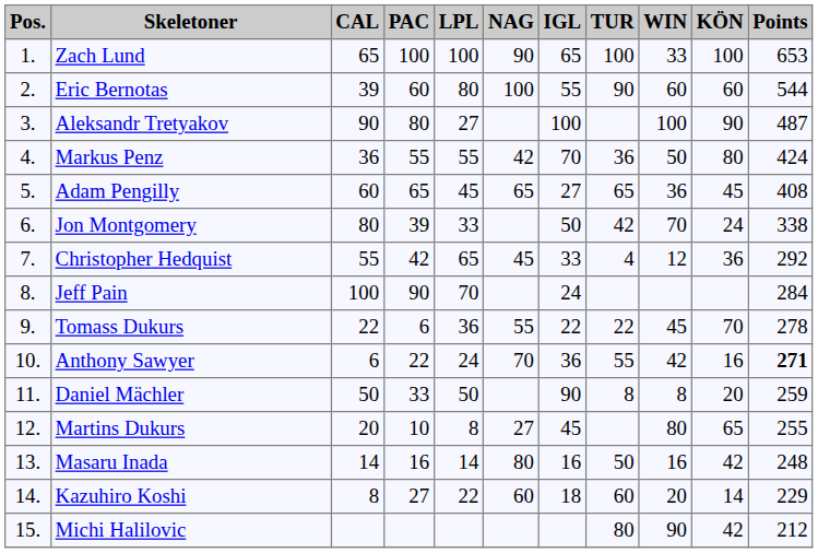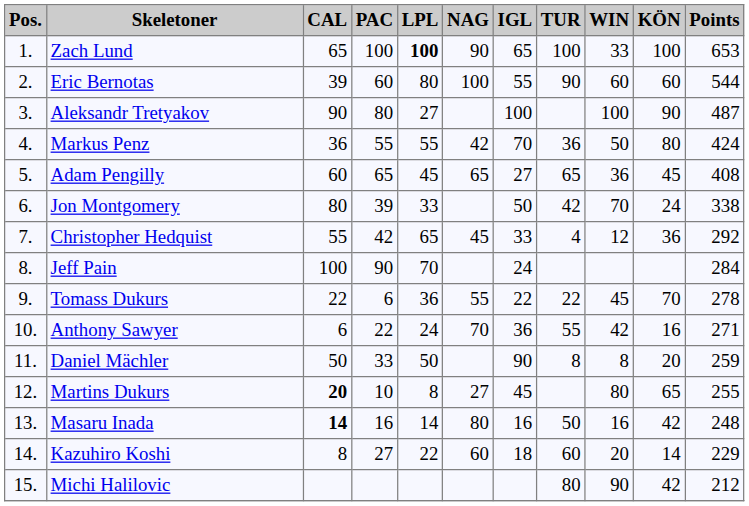 <table bgcolor="#f7f8ff" cellpadding="3" cellspacing="0" border="1" style="font-size: 95%; border: gray solid 1px; border-collapse: collapse;">
 <tr bgcolor="#CCCCCC">
 <td align="center" width="10"><strong>Pos.</strong></td>
 <td align="center" width="200"><strong>Skeletoner</strong></td>
 <td align="center" width="20"><strong>CAL</strong></td>
 <td align="center" width="20"><strong>PAC</strong></td>
 <td align="center" width="20"><strong>LPL</strong></td>
 <td align="center" width="20"><strong>NAG</strong></td>
 <td align="center" width="20"><strong>IGL</strong></td>
 <td align="center" width="20"><strong>TUR</strong></td>
 <td align="center" width="20"><strong>WIN</strong></td>
 <td align="center" width="20"><strong>KÖN</strong></td>
 <td align="center" width="20"><strong>Points</strong></td>
 </tr>
 <tr align="left">
 <td align="center">1.</td>
 <td> <a href='#'>Zach Lund</a></td>
 <td align="right">65</td>
 <td align="right">100</td>
-<td align="right">100</td>
+<td align="right"><strong>100</strong></td>
 <td align="right">90</td>
 <td align="right">65</td>
 <td align="right">100</td>
 <td align="right">33</td>
 <td align="right">100</td>
 <td align="right">653</td>
 </tr>
 <tr align="left">
 <td align="center">2.</td>
 <td> <a href='#'>Eric Bernotas</a></td>
 <td align="right">39</td>
 <td align="right">60</td>
 <td align="right">80</td>
 <td align="right">100</td>
 <td align="right">55</td>
 <td align="right">90</td>
 <td align="right">60</td>
 <td align="right">60</td>
 <td align="right">544</td>
 </tr>
 <tr align="left">
 <td align="center">3.</td>
 <td> <a href='#'>Aleksandr Tretyakov</a></td>
 <td align="right">90</td>
 <td align="right">80</td>
 <td align="right">27</td>
 <td align="right"></td>
 <td align="right">100</td>
 <td align="right"></td>
 <td align="right">100</td>
 <td align="right">90</td>
 <td align="right">487</td>
 </tr>
 <tr align="left">
 <td align="center">4.</td>
 <td> <a href='#'>Markus Penz</a></td>
 <td align="right">36</td>
 <td align="right">55</td>
 <td align="right">55</td>
 <td align="right">42</td>
 <td align="right">70</td>
 <td align="right">36</td>
 <td align="right">50</td>
 <td align="right">80</td>
 <td align="right">424</td>
 </tr>
 <tr align="left">
 <td align="center">5.</td>
 <td> <a href='#'>Adam Pengilly</a></td>
 <td align="right">60</td>
 <td align="right">65</td>
 <td align="right">45</td>
 <td align="right">65</td>
 <td align="right">27</td>
 <td align="right">65</td>
 <td align="right">36</td>
 <td align="right">45</td>
 <td align="right">408</td>
 </tr>
 <tr align="left">
 <td align="center">6.</td>
 <td> <a href='#'>Jon Montgomery</a></td>
 <td align="right">80</td>
 <td align="right">39</td>
 <td align="right">33</td>
 <td align="right"></td>
 <td align="right">50</td>
 <td align="right">42</td>
 <td align="right">70</td>
 <td align="right">24</td>
 <td align="right">338</td>
 </tr>
 <tr align="left">
 <td align="center">7.</td>
 <td> <a href='#'>Christopher Hedquist</a></td>
 <td align="right">55</td>
 <td align="right">42</td>
 <td align="right">65</td>
 <td align="right">45</td>
 <td align="right">33</td>
 <td align="right">4</td>
 <td align="right">12</td>
 <td align="right">36</td>
 <td align="right">292</td>
 </tr>
 <tr align="left">
 <td align="center">8.</td>
 <td> <a href='#'>Jeff Pain</a></td>
 <td align="right">100</td>
 <td align="right">90</td>
 <td align="right">70</td>
 <td align="right"></td>
 <td align="right">24</td>
 <td align="right"></td>
 <td align="right"></td>
 <td align="right"></td>
 <td align="right">284</td>
 </tr>
 <tr align="left">
 <td align="center">9.</td>
 <td> <a href='#'>Tomass Dukurs</a></td>
 <td align="right">22</td>
 <td align="right">6</td>
 <td align="right">36</td>
 <td align="right">55</td>
 <td align="right">22</td>
 <td align="right">22</td>
 <td align="right">45</td>
 <td align="right">70</td>
 <td align="right">278</td>
 </tr>
 <tr align="left">
 <td align="center">10.</td>
 <td> <a href='#'>Anthony Sawyer</a></td>
 <td align="right">6</td>
 <td align="right">22</td>
 <td align="right">24</td>
 <td align="right">70</td>
 <td align="right">36</td>
 <td align="right">55</td>
 <td align="right">42</td>
 <td align="right">16</td>
-<td align="right"><strong>271</strong></td>
+<td align="right">271</td>
 </tr>
 <tr align="left">
 <td align="center">11.</td>
 <td> <a href='#'>Daniel Mächler</a></td>
 <td align="right">50</td>
 <td align="right">33</td>
 <td align="right">50</td>
 <td align="right"></td>
 <td align="right">90</td>
 <td align="right">8</td>
 <td align="right">8</td>
 <td align="right">20</td>
 <td align="right">259</td>
 </tr>
 <tr align="left">
 <td align="center">12.</td>
 <td> <a href='#'>Martins Dukurs</a></td>
-<td align="right">20</td>
+<td align="right"><strong>20</strong></td>
 <td align="right">10</td>
 <td align="right">8</td>
 <td align="right">27</td>
 <td align="right">45</td>
 <td align="right"></td>
 <td align="right">80</td>
 <td align="right">65</td>
 <td align="right">255</td>
 </tr>
 <tr align="left">
 <td align="center">13.</td>
 <td> <a href='#'>Masaru Inada</a></td>
-<td align="right">14</td>
+<td align="right"><strong>14</strong></td>
 <td align="right">16</td>
 <td align="right">14</td>
 <td align="right">80</td>
 <td align="right">16</td>
 <td align="right">50</td>
 <td align="right">16</td>
 <td align="right">42</td>
 <td align="right">248</td>
 </tr>
 <tr align="left">
 <td align="center">14.</td>
 <td> <a href='#'>Kazuhiro Koshi</a></td>
 <td align="right">8</td>
 <td align="right">27</td>
 <td align="right">22</td>
 <td align="right">60</td>
 <td align="right">18</td>
 <td align="right">60</td>
 <td align="right">20</td>
 <td align="right">14</td>
 <td align="right">229</td>
 </tr>
 <tr align="left">
 <td align="center">15.</td>
 <td> <a href='#'>Michi Halilovic</a></td>
 <td align="right"></td>
 <td align="right"></td>
 <td align="right"></td>
 <td align="right"></td>
 <td align="right"></td>
 <td align="right">80</td>
 <td align="right">90</td>
 <td align="right">42</td>
 <td align="right">212</td>
 </tr>
 <tr>
 </tr>
 </table>
